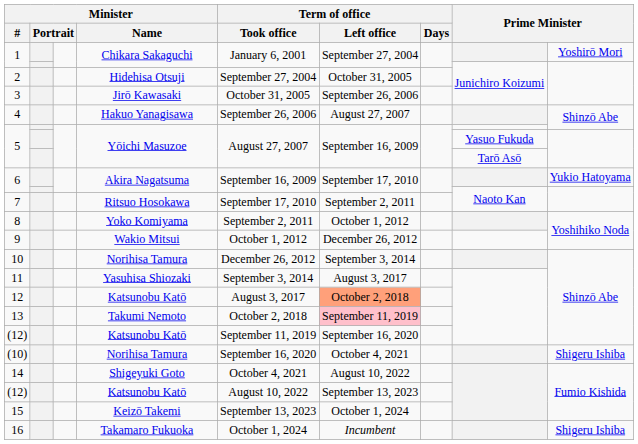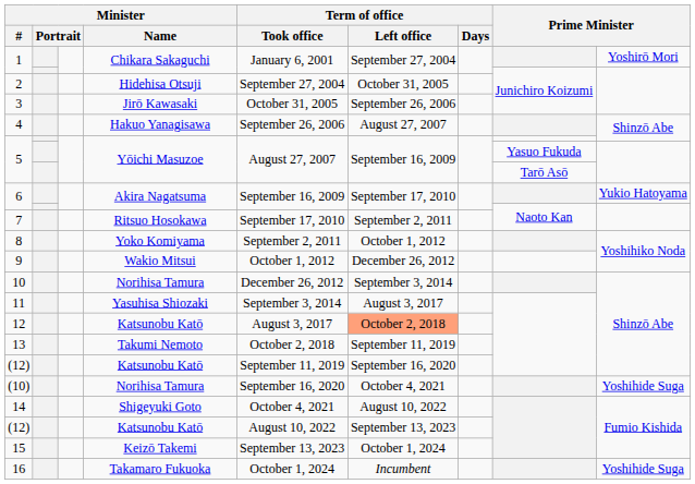 <table class="wikitable"  style="text-align:center">
 <tr>
 <th colspan=4>Minister</th>
 <th colspan=3>Term of office</th>
 <th style="width:180px;" rowspan=2 colspan=2>Prime Minister</th>
 </tr>
 <tr>
 <th>#</th>
 <th colspan=2>Portrait</th>
 <th width=180px>Name</th>
 <th>Took office</th>
 <th>Left office</th>
 <th>Days</th>
 </tr>
 <tr>
 <td rowspan=2>1</td>
 <th style="background-color: "></th>
 <td rowspan=2></td>
 <td rowspan=2><a href='#'>Chikara Sakaguchi</a></td>
 <td rowspan=2>January 6, 2001</td>
 <td rowspan=2>September 27, 2004</td>
 <td rowspan=2></td>
 <th style="background-color: "></th>
 <td><a href='#'>Yoshirō Mori</a></td>
 </tr>
 <tr>
 <th style="background-color: "></th>
 <td rowspan=3><a href='#'>Junichiro Koizumi</a></td>
 </tr>
 <tr>
 <td>2</td>
 <th style="background-color: "></th>
 <td></td>
 <td><a href='#'>Hidehisa Otsuji</a></td>
 <td>September 27, 2004</td>
 <td>October 31, 2005</td>
 <td></td>
 </tr>
 <tr>
 <td>3</td>
 <th style="background-color: "></th>
 <td></td>
 <td><a href='#'>Jirō Kawasaki</a></td>
 <td>October 31, 2005</td>
 <td>September 26, 2006</td>
 <td></td>
 </tr>
 <tr>
 <td>4</td>
 <th style="background-color: "></th>
 <td></td>
 <td><a href='#'>Hakuo Yanagisawa</a></td>
 <td>September 26, 2006</td>
 <td>August 27, 2007</td>
 <td></td>
 <th style="background-color: "></th>
 <td rowspan=2><a href='#'>Shinzō Abe</a></td>
 </tr>
 <tr>
 <td rowspan=3>5</td>
 <th style="background-color: "></th>
 <td rowspan=3></td>
 <td rowspan=3><a href='#'>Yōichi Masuzoe</a></td>
 <td rowspan=3>August 27, 2007</td>
 <td rowspan=3>September 16, 2009</td>
 <td rowspan=3></td>
 </tr>
 <tr>
 <th style="background-color: "></th>
 <td><a href='#'>Yasuo Fukuda</a></td>
 </tr>
 <tr>
 <th style="background-color: "></th>
 <td><a href='#'>Tarō Asō</a></td>
 </tr>
 <tr>
 <td rowspan=2>6</td>
 <th style="background-color: "></th>
 <td rowspan=2></td>
 <td rowspan=2><a href='#'>Akira Nagatsuma</a></td>
 <td rowspan=2>September 16, 2009</td>
 <td rowspan=2>September 17, 2010</td>
 <td rowspan=2></td>
 <th style="background-color: "></th>
 <td><a href='#'>Yukio Hatoyama</a></td>
 </tr>
 <tr>
 <th style="background-color: "></th>
 <td rowspan=2><a href='#'>Naoto Kan</a></td>
 </tr>
 <tr>
 <td>7</td>
 <th style="background-color: "></th>
 <td></td>
 <td><a href='#'>Ritsuo Hosokawa</a></td>
 <td>September 17, 2010</td>
 <td>September 2, 2011</td>
 <td></td>
 </tr>
 <tr>
 <td>8</td>
 <th style="background-color: "></th>
 <td></td>
 <td><a href='#'>Yoko Komiyama</a></td>
 <td>September 2, 2011</td>
 <td>October 1, 2012</td>
 <td></td>
 <th style="background-color: "></th>
 <td rowspan=2><a href='#'>Yoshihiko Noda</a></td>
 </tr>
 <tr>
 <td>9</td>
 <th style="background-color: "></th>
 <td></td>
 <td><a href='#'>Wakio Mitsui</a></td>
 <td>October 1, 2012</td>
 <td>December 26, 2012</td>
 <td></td>
 </tr>
 <tr>
 <td>10</td>
 <th style="background-color: "></th>
 <td></td>
 <td><a href='#'>Norihisa Tamura</a></td>
 <td>December 26, 2012</td>
 <td>September 3, 2014</td>
 <td></td>
 <th style="background-color: "></th>
 <td rowspan=5><a href='#'>Shinzō Abe</a></td>
 </tr>
 <tr>
 <td>11</td>
 <th style="background-color: "></th>
 <td></td>
 <td><a href='#'>Yasuhisa Shiozaki</a></td>
 <td>September 3, 2014</td>
 <td>August 3, 2017</td>
 <td></td>
 </tr>
 <tr>
 <td>12</td>
 <th style="background-color: "></th>
 <td></td>
 <td><a href='#'>Katsunobu Katō</a></td>
 <td>August 3, 2017</td>
 <td style="background: lightsalmon;">October 2, 2018</td>
 <td></td>
 </tr>
 <tr>
 <td>13</td>
 <th style="background-color: "></th>
 <td></td>
 <td><a href='#'>Takumi Nemoto</a></td>
 <td>October 2, 2018</td>
-<td style="background: pink;">September 11, 2019</td>
+<td>September 11, 2019</td>
 <td></td>
 </tr>
 <tr>
 <td>(12)</td>
 <th style="background-color: "></th>
 <td></td>
 <td><a href='#'>Katsunobu Katō</a></td>
 <td>September 11, 2019</td>
 <td>September 16, 2020</td>
 <td></td>
 </tr>
 <tr>
 <td>(10)</td>
 <th style="background-color: "></th>
 <td></td>
 <td><a href='#'>Norihisa Tamura</a></td>
 <td>September 16, 2020</td>
 <td>October 4, 2021</td>
 <td></td>
 <th style="background-color: "></th>
-<td><a href='#'>Shigeru Ishiba</a></td>
+<td><a href='#'>Yoshihide Suga</a></td>
 </tr>
 <tr>
 <td>14</td>
 <th style="background-color: "></th>
 <td></td>
 <td><a href='#'>Shigeyuki Goto</a></td>
 <td>October 4, 2021</td>
 <td>August 10, 2022</td>
 <td></td>
 <th rowspan=3 style="background-color: "></th>
 <td rowspan="3"><a href='#'>Fumio Kishida</a></td>
 </tr>
 <tr>
 <td>(12)</td>
 <th style="background-color: "></th>
 <td></td>
 <td><a href='#'>Katsunobu Katō</a></td>
 <td>August 10, 2022</td>
 <td>September 13, 2023</td>
 <td></td>
 </tr>
 <tr>
 <td>15</td>
 <th style="background-color: "></th>
 <td></td>
 <td><a href='#'>Keizō Takemi</a></td>
 <td>September 13, 2023</td>
 <td>October 1, 2024</td>
 <td></td>
 </tr>
 <tr>
 <td>16</td>
 <th style="background-color: "></th>
 <td></td>
 <td><a href='#'>Takamaro Fukuoka</a></td>
 <td>October 1, 2024</td>
 <td><em>Incumbent</em></td>
 <td></td>
 <th style="background-color: "></th>
-<td><a href='#'>Shigeru Ishiba</a></td>
+<td><a href='#'>Yoshihide Suga</a></td>
 </tr>
 </table>
